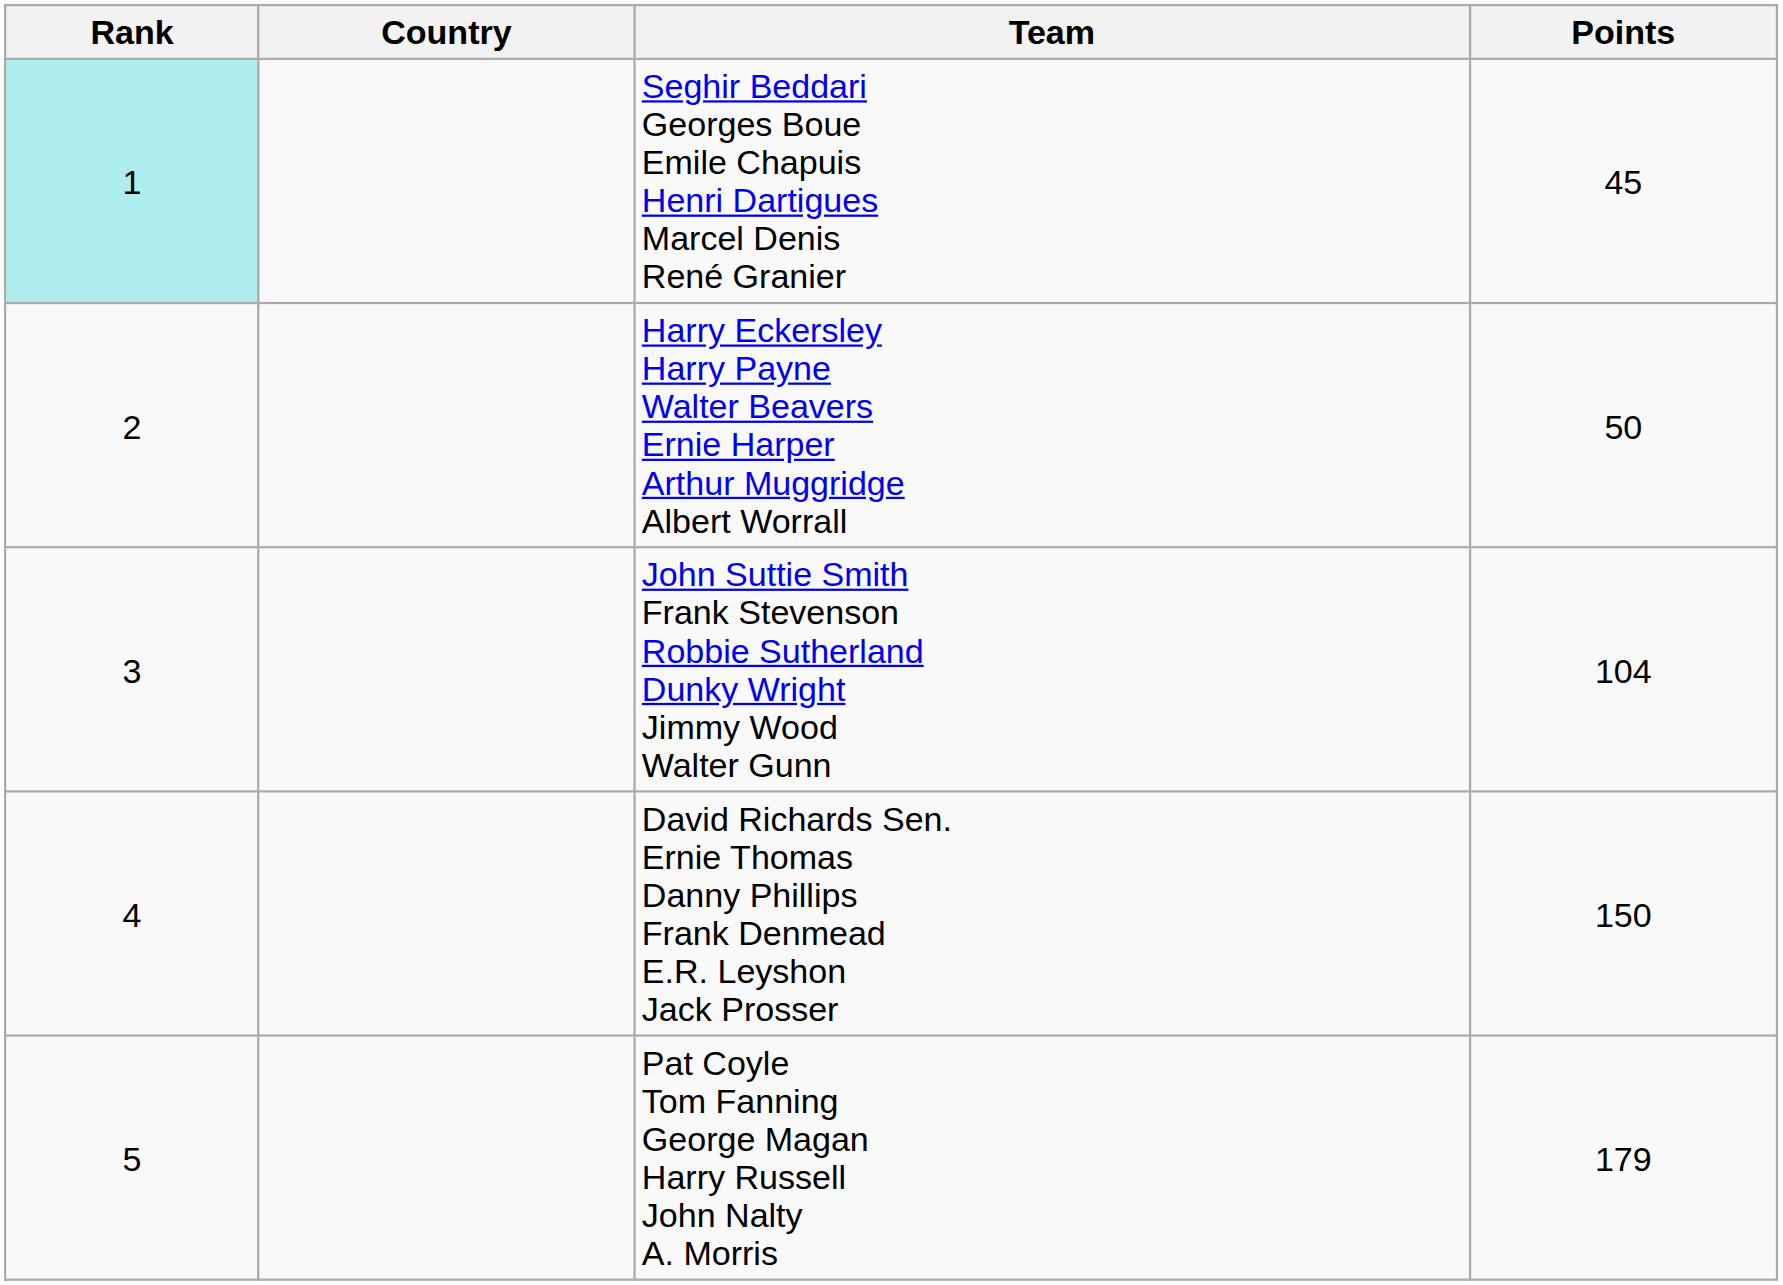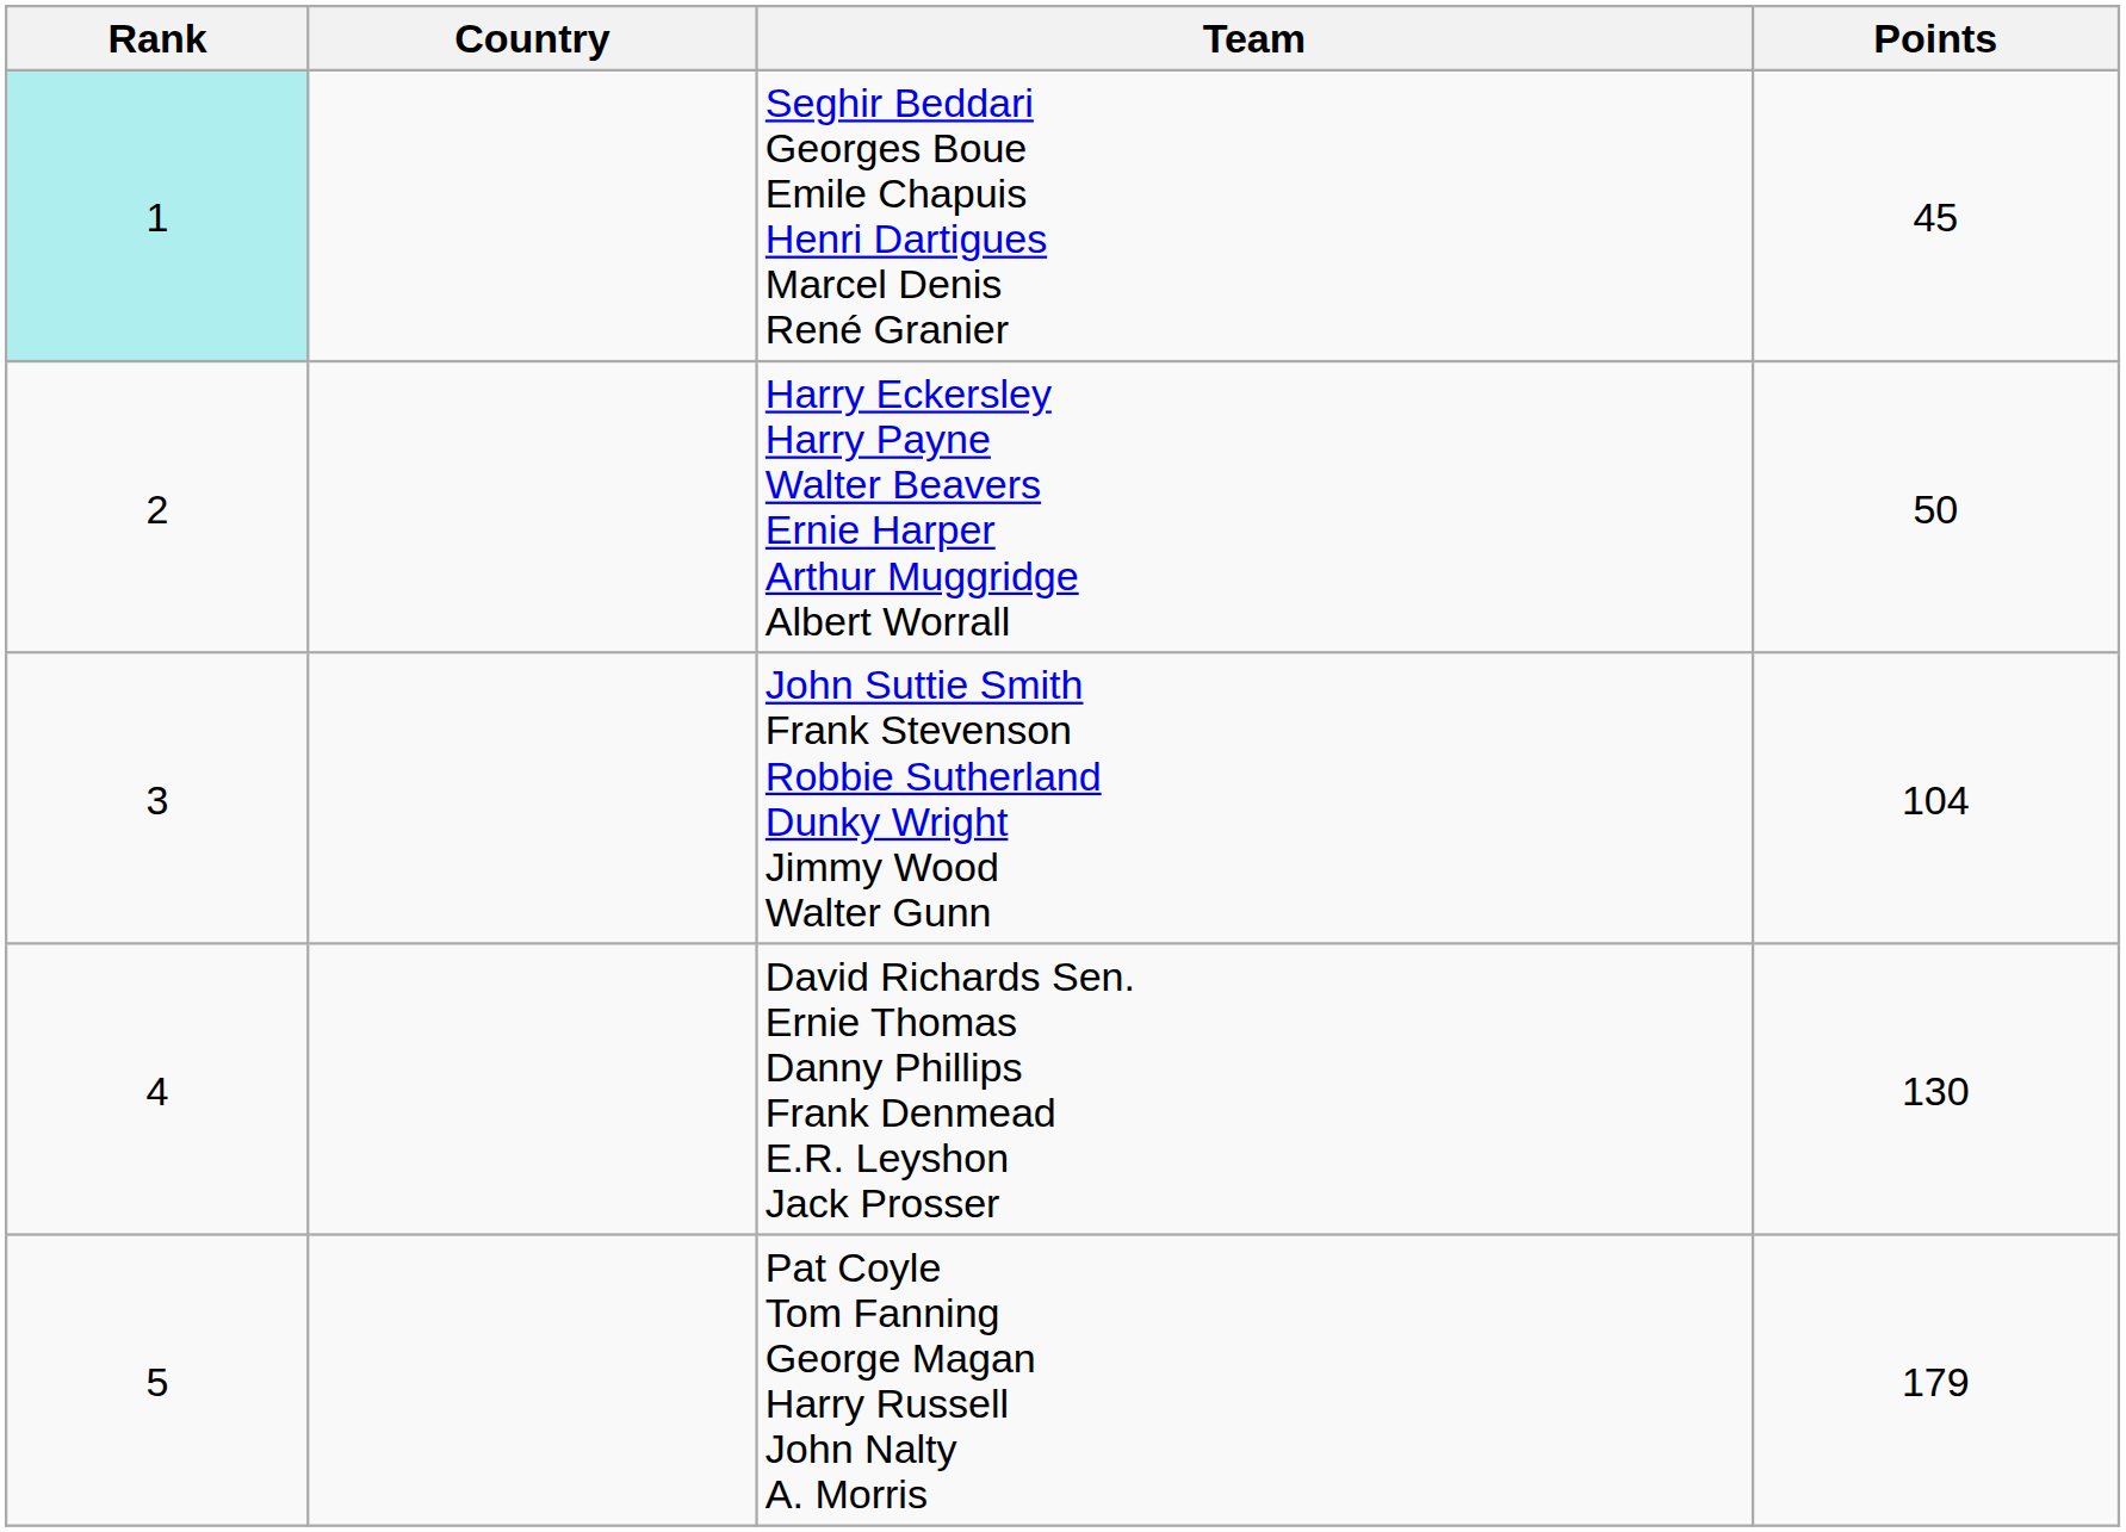 <table class="wikitable sortable" style=" text-align:center; font-size:95%;" width="50%">
 <tr>
 <th>Rank</th>
 <th>Country</th>
 <th>Team</th>
 <th>Points</th>
 </tr>
 <tr>
 <td align=center style="background: paleturquoise;">1</td>
 <td align=left></td>
 <td align=left><a href='#'>Seghir Beddari</a><br>Georges Boue<br>Emile Chapuis<br><a href='#'>Henri Dartigues</a><br>Marcel Denis<br>René Granier</td>
 <td>45</td>
 </tr>
 <tr>
 <td align=center>2</td>
 <td align=left></td>
 <td align=left><a href='#'>Harry Eckersley</a><br><a href='#'>Harry Payne</a><br><a href='#'>Walter Beavers</a><br><a href='#'>Ernie Harper</a><br><a href='#'>Arthur Muggridge</a><br>Albert Worrall</td>
 <td>50</td>
 </tr>
 <tr>
 <td align=center>3</td>
 <td align=left></td>
 <td align=left><a href='#'>John Suttie Smith</a><br>Frank Stevenson<br><a href='#'>Robbie Sutherland</a><br><a href='#'>Dunky Wright</a><br>Jimmy Wood<br>Walter Gunn</td>
 <td>104</td>
 </tr>
 <tr>
 <td align=center>4</td>
 <td align=left></td>
 <td align=left>David Richards Sen.<br>Ernie Thomas<br>Danny Phillips<br>Frank Denmead<br>E.R. Leyshon<br>Jack Prosser</td>
-<td>150</td>
+<td>130</td>
 </tr>
 <tr>
 <td align=center>5</td>
 <td align=left></td>
 <td align=left>Pat Coyle<br>Tom Fanning<br>George Magan<br>Harry Russell<br>John Nalty<br>A. Morris</td>
 <td>179</td>
 </tr>
 </table>
